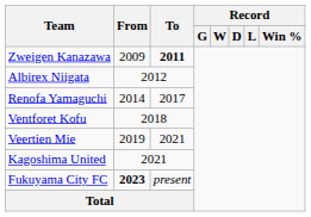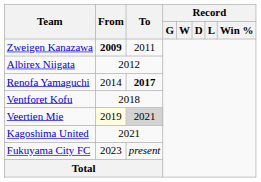 <table class="wikitable" style="text-align: center">
 <tr>
 <th rowspan="2">Team</th>
 <th rowspan="2">From</th>
 <th rowspan="2">To</th>
 <th colspan="5">Record</th>
 </tr>
 <tr>
 <th>G</th>
 <th>W</th>
 <th>D</th>
 <th>L</th>
 <th>Win %</th>
 </tr>
 <tr>
 <td align="left"><a href='#'>Zweigen Kanazawa</a></td>
-<td>2009</td>
-<td><strong>2011<br></strong></td>
+<td><strong>2009</strong></td>
+<td>2011<br></td>
 </tr>
 <tr>
 <td align="left"><a href='#'>Albirex Niigata</a></td>
 <td colspan="2" align="center">2012<br></td>
 </tr>
 <tr>
 <td align="left"><a href='#'>Renofa Yamaguchi</a></td>
 <td>2014</td>
-<td>2017<br></td>
+<td><strong>2017<br></strong></td>
 </tr>
 <tr>
 <td align="left"><a href='#'>Ventforet Kofu</a></td>
 <td colspan="2" align="center">2018<br></td>
 </tr>
 <tr>
 <td align="left"><a href='#'>Veertien Mie</a></td>
-<td>2019</td>
-<td>2021<br></td>
+<td style="background: lightyellow;">2019</td>
+<td style="background: lightgrey;">2021<br></td>
 </tr>
 <tr>
 <td align="left"><a href='#'>Kagoshima United</a></td>
 <td colspan="2" align="center">2021<br></td>
 </tr>
 <tr>
 <td align="left"><a href='#'>Fukuyama City FC</a></td>
-<td><strong>2023</strong></td>
+<td>2023</td>
 <td><em>present</em><br></td>
 </tr>
 <tr>
 <th colspan="3">Total<br></th>
 </tr>
 </table>
